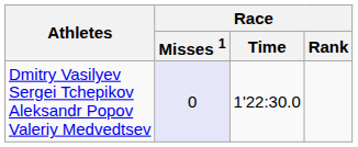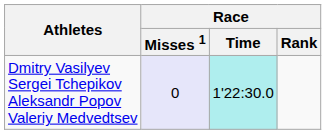 <table class="wikitable" border="1" style="font-size:90%">
 <tr>
 <th rowspan=2>Athletes</th>
 <th colspan=3>Race</th>
 </tr>
 <tr>
 <th>Misses <sup>1</sup></th>
 <th>Time</th>
 <th>Rank</th>
 </tr>
 <tr>
 <td><a href='#'>Dmitry Vasilyev</a><br><a href='#'>Sergei Tchepikov</a><br><a href='#'>Aleksandr Popov</a><br><a href='#'>Valeriy Medvedtsev</a></td>
 <td align=center style="background: lavender;">0</td>
-<td align=center>1'22:30.0</td>
+<td align=center style="background: paleturquoise;">1'22:30.0</td>
 <td align=center></td>
 </tr>
 </table>
